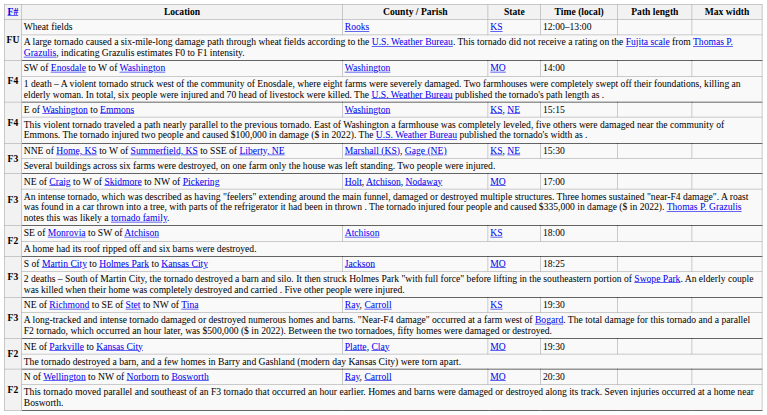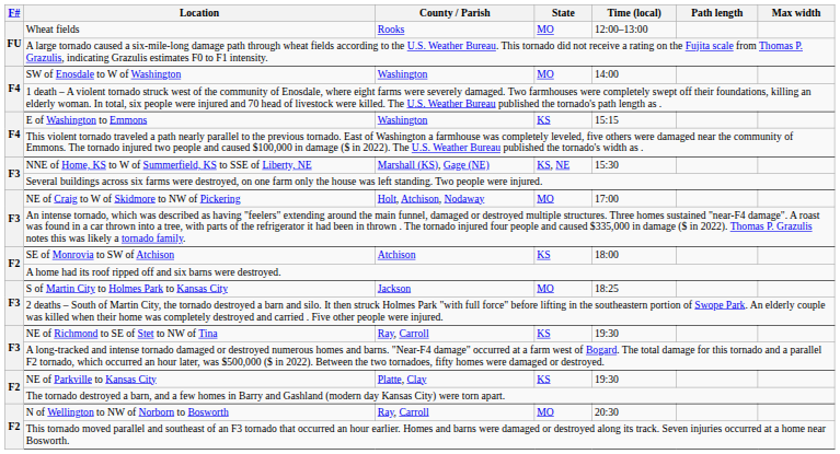 <table class="wikitable sortable" style="width:100%;">
 <tr>
 <th scope="col" align="center"><a href='#'>F#</a><br></th>
 <th scope="col" align="center" class="unsortable">Location</th>
 <th scope="col" align="center" class="unsortable">County / Parish</th>
 <th scope="col" align="center">State</th>
 <th scope="col" align="center">Time (local)</th>
 <th scope="col" align="center">Path length</th>
 <th scope="col" align="center">Max width</th>
 </tr>
 <tr>
 <th scope="row" rowspan="2" style="background-color:#">FU</th>
 <td>Wheat fields</td>
 <td><a href='#'>Rooks</a></td>
-<td><a href='#'>KS</a></td>
+<td><a href='#'>MO</a></td>
 <td>12:00–13:00</td>
 <td></td>
 <td></td>
 </tr>
 <tr class="expand-child">
 <td colspan="6" style="border-bottom: 1px solid black;">A large tornado caused a six-mile-long damage path through wheat fields according to the <a href='#'>U.S. Weather Bureau</a>. This tornado did not receive a rating on the <a href='#'>Fujita scale</a> from <a href='#'>Thomas P. Grazulis</a>, indicating Grazulis estimates F0 to F1 intensity.</td>
 </tr>
 <tr>
 <th scope="row" rowspan="2" style="background-color:#">F4</th>
 <td>SW of <a href='#'>Enosdale</a> to W of <a href='#'>Washington</a></td>
 <td><a href='#'>Washington</a></td>
 <td><a href='#'>MO</a></td>
 <td>14:00</td>
 <td></td>
 <td></td>
 </tr>
 <tr class="expand-child">
 <td colspan="6" style="border-bottom: 1px solid black;">1 death – A violent tornado struck west of the community of Enosdale, where eight farms were severely damaged. Two farmhouses were completely swept off their foundations, killing an elderly woman. In total, six people were injured and 70 head of livestock were killed. The <a href='#'>U.S. Weather Bureau</a> published the tornado's path length as .</td>
 </tr>
 <tr>
 <th scope="row" rowspan="2" style="background-color:#">F4</th>
 <td>E of <a href='#'>Washington</a> to <a href='#'>Emmons</a></td>
 <td><a href='#'>Washington</a></td>
-<td><a href='#'>KS</a>, <a href='#'>NE</a></td>
+<td><a href='#'>KS</a></td>
 <td>15:15</td>
 <td></td>
 <td></td>
 </tr>
 <tr class="expand-child">
 <td colspan="6" style="border-bottom: 1px solid black;">This violent tornado traveled a path nearly parallel to the previous tornado. East of Washington a farmhouse was completely leveled, five others were damaged near the community of Emmons. The tornado injured two people and caused $100,000 in damage ($ in 2022). The <a href='#'>U.S. Weather Bureau</a> published the tornado's width as .</td>
 </tr>
 <tr>
 <th scope="row" rowspan="2" style="background-color:#">F3</th>
 <td>NNE of <a href='#'>Home, KS</a> to W of <a href='#'>Summerfield, KS</a> to SSE of <a href='#'>Liberty, NE</a></td>
 <td><a href='#'>Marshall (KS)</a>, <a href='#'>Gage (NE)</a></td>
 <td><a href='#'>KS</a>, <a href='#'>NE</a></td>
 <td>15:30</td>
 <td></td>
 <td></td>
 </tr>
 <tr class="expand-child">
 <td colspan="6" style="border-bottom: 1px solid black;">Several buildings across six farms were destroyed, on one farm only the house was left standing. Two people were injured.</td>
 </tr>
 <tr>
 <th scope="row" rowspan="2" style="background-color:#">F3</th>
 <td>NE of <a href='#'>Craig</a> to W of <a href='#'>Skidmore</a> to NW of <a href='#'>Pickering</a></td>
 <td><a href='#'>Holt</a>, <a href='#'>Atchison</a>, <a href='#'>Nodaway</a></td>
 <td><a href='#'>MO</a></td>
 <td>17:00</td>
 <td></td>
 <td></td>
 </tr>
 <tr class="expand-child">
 <td colspan="6" style="border-bottom: 1px solid black;">An intense tornado, which was described as having "feelers" extending around the main funnel, damaged or destroyed multiple structures. Three homes sustained "near-F4 damage". A roast was found in a car thrown into a tree, with parts of the refrigerator it had been in thrown . The tornado injured four people and caused $335,000 in damage ($ in 2022). <a href='#'>Thomas P. Grazulis</a> notes this was likely a <a href='#'>tornado family</a>.</td>
 </tr>
 <tr>
 <th scope="row" rowspan="2" style="background-color:#">F2</th>
 <td>SE of <a href='#'>Monrovia</a> to SW of <a href='#'>Atchison</a></td>
 <td><a href='#'>Atchison</a></td>
 <td><a href='#'>KS</a></td>
 <td>18:00</td>
 <td></td>
 <td></td>
 </tr>
 <tr class="expand-child">
 <td colspan="6" style="border-bottom: 1px solid black;">A home had its roof ripped off and six barns were destroyed.</td>
 </tr>
 <tr>
 <th scope="row" rowspan="2" style="background-color:#">F3</th>
 <td>S of <a href='#'>Martin City</a> to <a href='#'>Holmes Park</a> to <a href='#'>Kansas City</a></td>
 <td><a href='#'>Jackson</a></td>
 <td><a href='#'>MO</a></td>
 <td>18:25</td>
 <td></td>
 <td></td>
 </tr>
 <tr class="expand-child">
 <td colspan="6" style="border-bottom: 1px solid black;">2 deaths – South of Martin City, the tornado destroyed a barn and silo. It then struck Holmes Park "with full force" before lifting in the southeastern portion of <a href='#'>Swope Park</a>. An elderly couple was killed when their home was completely destroyed and carried . Five other people were injured.</td>
 </tr>
 <tr>
 <th scope="row" rowspan="2" style="background-color:#">F3</th>
 <td>NE of <a href='#'>Richmond</a> to SE of <a href='#'>Stet</a> to NW of <a href='#'>Tina</a></td>
 <td><a href='#'>Ray</a>, <a href='#'>Carroll</a></td>
 <td><a href='#'>KS</a></td>
 <td>19:30</td>
 <td></td>
 <td></td>
 </tr>
 <tr class="expand-child">
 <td colspan="6" style="border-bottom: 1px solid black;">A long-tracked and intense tornado damaged or destroyed numerous homes and barns. "Near-F4 damage" occurred at a farm west of <a href='#'>Bogard</a>. The total damage for this tornado and a parallel F2 tornado, which occurred an hour later, was $500,000 ($ in 2022). Between the two tornadoes, fifty homes were damaged or destroyed.</td>
 </tr>
 <tr>
 <th scope="row" rowspan="2" style="background-color:#">F2</th>
 <td>NE of <a href='#'>Parkville</a> to <a href='#'>Kansas City</a></td>
 <td><a href='#'>Platte</a>, <a href='#'>Clay</a></td>
-<td><a href='#'>MO</a></td>
+<td><a href='#'>KS</a></td>
 <td>19:30</td>
 <td></td>
 <td></td>
 </tr>
 <tr class="expand-child">
 <td colspan="6" style="border-bottom: 1px solid black;">The tornado destroyed a barn, and a few homes in Barry and Gashland (modern day Kansas City) were torn apart.</td>
 </tr>
 <tr>
 <th scope="row" rowspan="2" style="background-color:#">F2</th>
 <td>N of <a href='#'>Wellington</a> to NW of <a href='#'>Norborn</a> to <a href='#'>Bosworth</a></td>
 <td><a href='#'>Ray</a>, <a href='#'>Carroll</a></td>
 <td><a href='#'>MO</a></td>
 <td>20:30</td>
 <td></td>
 <td></td>
 </tr>
 <tr class="expand-child">
 <td colspan="6" style="border-bottom: 1px solid black;">This tornado moved parallel and  southeast of an F3 tornado that occurred an hour earlier. Homes and barns were damaged or destroyed along its track. Seven injuries occurred at a home near Bosworth.</td>
 </tr>
 </table>
